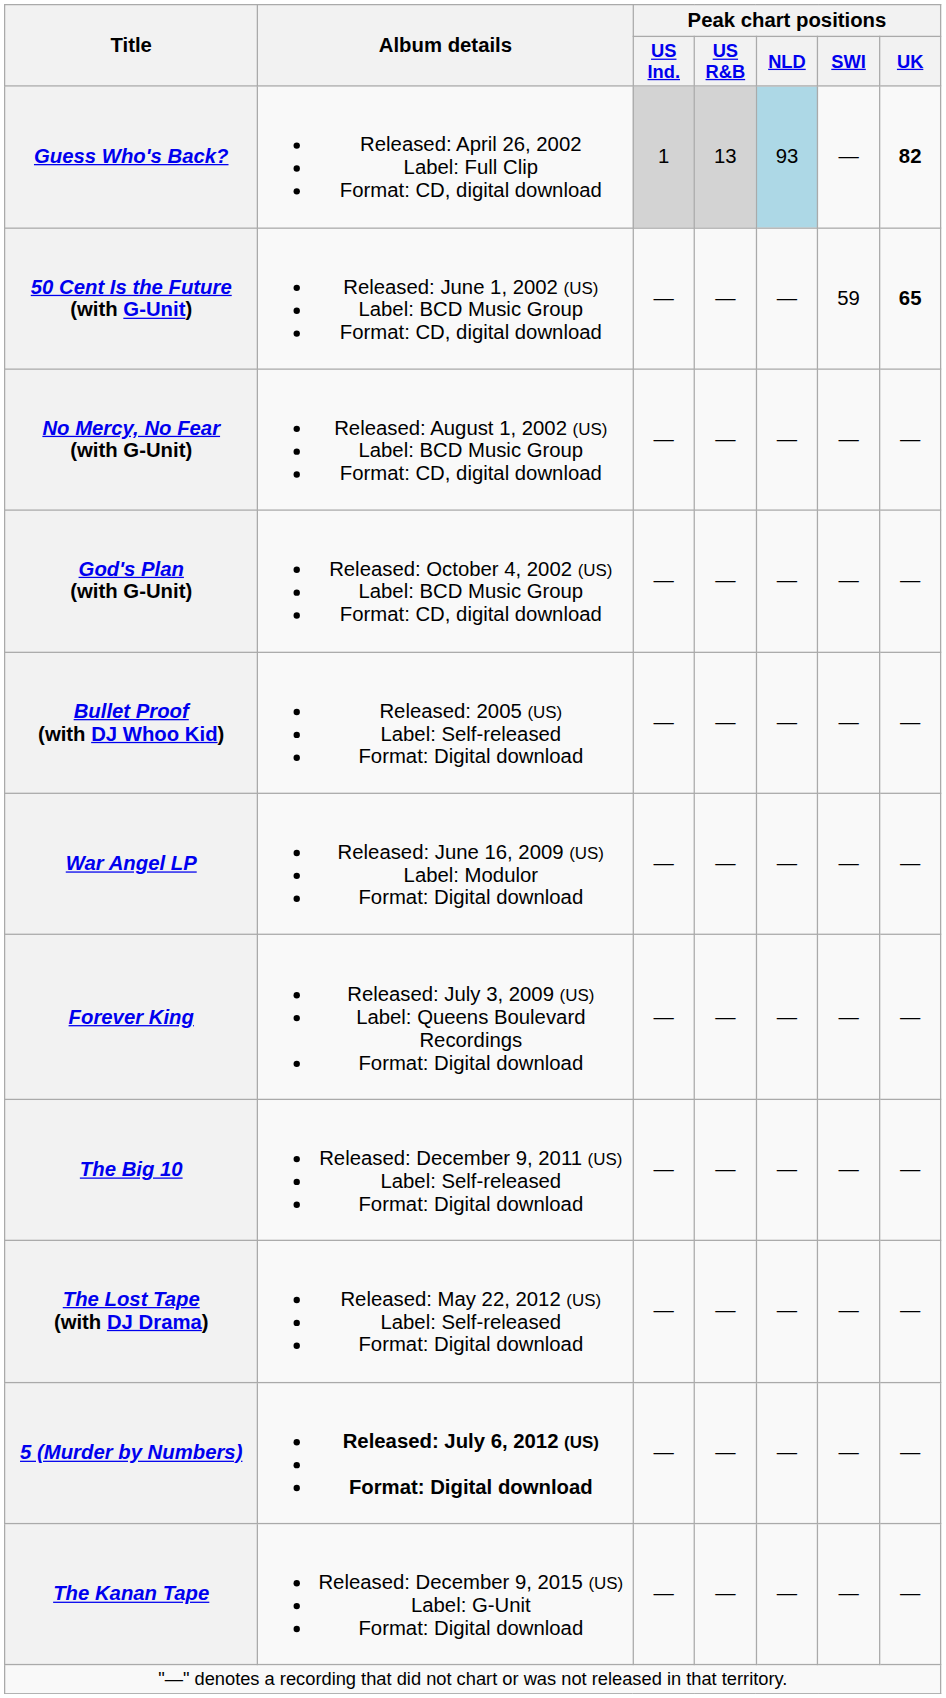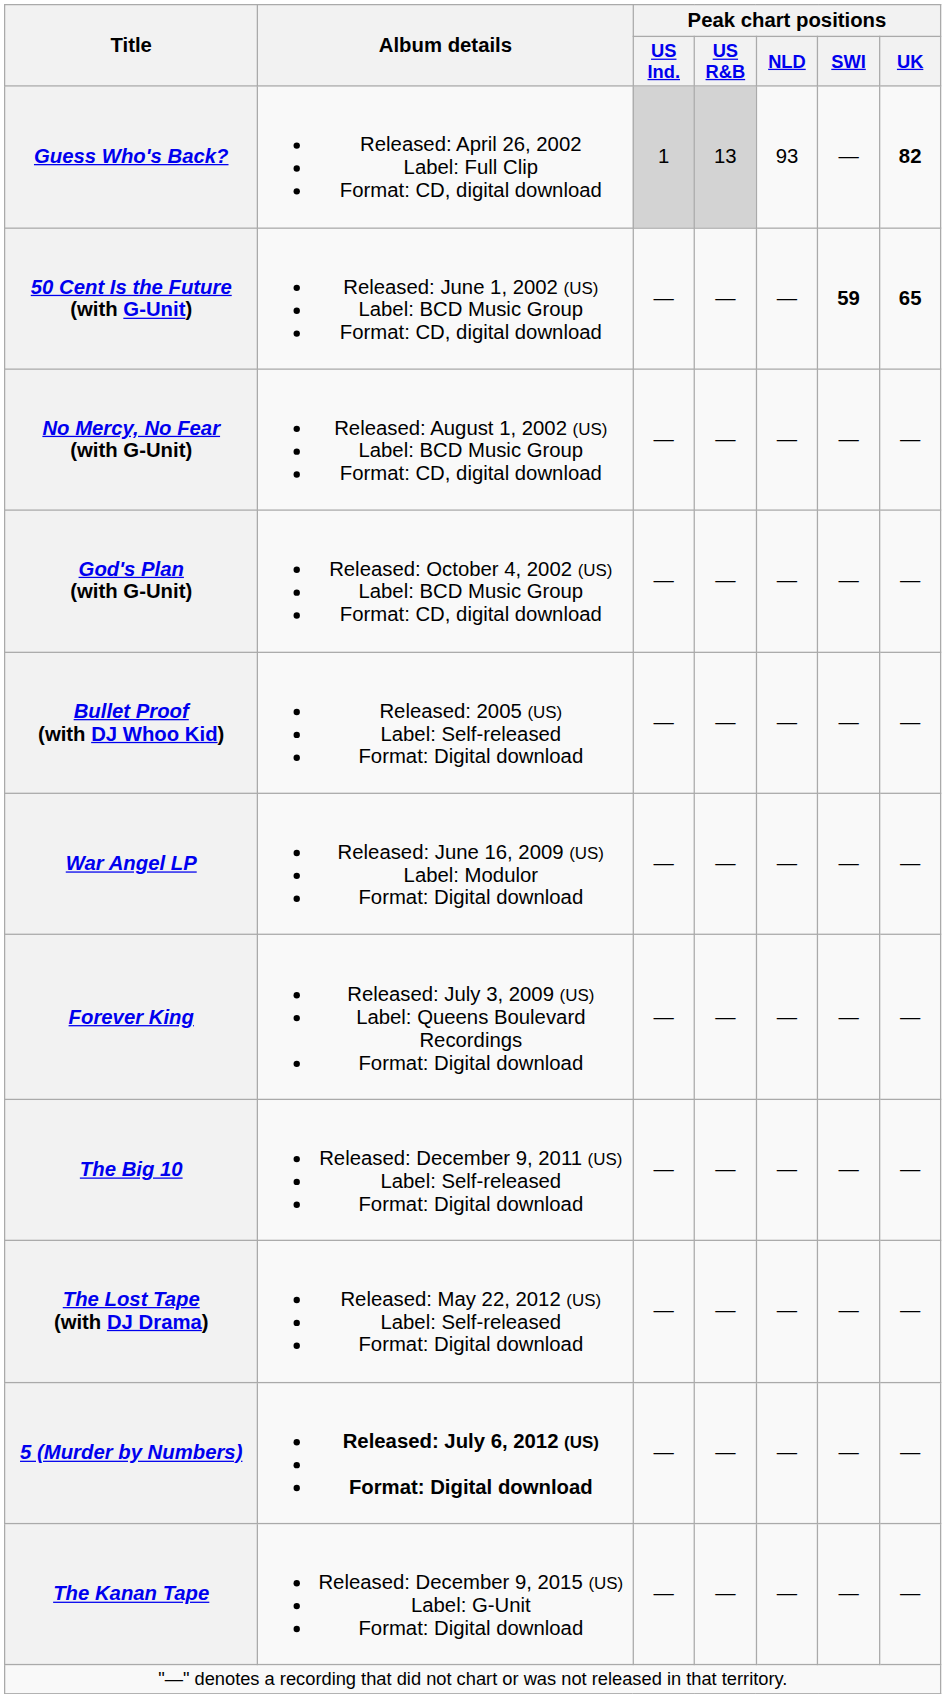 <table class="wikitable plainrowheaders" style="text-align:center;">
 <tr>
 <th scope="col" rowspan="2" style="width:12em;">Title</th>
 <th scope="col" rowspan="2" style="width:18em;">Album details</th>
 <th scope="col" colspan="5">Peak chart positions</th>
 </tr>
 <tr>
 <th scope="col" style="width:2.9em;font-size:90%;"><a href='#'>US<br>Ind.</a><br></th>
 <th scope="col" style="width:2.9em;font-size:90%;"><a href='#'>US<br>R&B</a><br></th>
 <th scope="col" style="width:2.9em;font-size:90%;"><a href='#'>NLD</a><br></th>
 <th scope="col" style="width:2.9em;font-size:90%;"><a href='#'>SWI</a><br></th>
 <th scope="col" style="width:2.9em;font-size:90%;"><a href='#'>UK</a><br></th>
 </tr>
 <tr>
 <th scope="row"><em><a href='#'>Guess Who's Back?</a></em></th>
 <td><br><ul><li>Released: April 26, 2002</li><li>Label: Full Clip</li><li>Format: CD, digital download</li></ul></td>
 <td style="background: lightgrey;">1</td>
 <td style="background: lightgrey;">13</td>
-<td style="background: lightblue;">93</td>
+<td>93</td>
 <td>—</td>
 <td><strong>82</strong></td>
 </tr>
 <tr>
 <th scope="row"><em><a href='#'>50 Cent Is the Future</a></em><br><span>(with <a href='#'>G-Unit</a>)</span></th>
 <td><br><ul><li>Released: June 1, 2002 <small>(US)</small></li><li>Label: BCD Music Group</li><li>Format: CD, digital download</li></ul></td>
 <td>—</td>
 <td>—</td>
 <td>—</td>
-<td>59</td>
+<td><strong>59</strong></td>
 <td><strong>65</strong></td>
 </tr>
 <tr>
 <th scope="row"><em><a href='#'>No Mercy, No Fear</a></em><br><span>(with G-Unit)</span></th>
 <td><br><ul><li>Released: August 1, 2002 <small>(US)</small></li><li>Label: BCD Music Group</li><li>Format: CD, digital download</li></ul></td>
 <td>—</td>
 <td>—</td>
 <td>—</td>
 <td>—</td>
 <td>—</td>
 </tr>
 <tr>
 <th scope="row"><em><a href='#'>God's Plan</a></em><br><span>(with G-Unit)</span></th>
 <td><br><ul><li>Released: October 4, 2002 <small>(US)</small></li><li>Label: BCD Music Group</li><li>Format: CD, digital download</li></ul></td>
 <td>—</td>
 <td>—</td>
 <td>—</td>
 <td>—</td>
 <td>—</td>
 </tr>
 <tr>
 <th scope="row"><em><a href='#'>Bullet Proof</a></em><br><span>(with <a href='#'>DJ Whoo Kid</a>)</span></th>
 <td><br><ul><li>Released: 2005 <small>(US)</small></li><li>Label: Self-released</li><li>Format: Digital download</li></ul></td>
 <td>—</td>
 <td>—</td>
 <td>—</td>
 <td>—</td>
 <td>—</td>
 </tr>
 <tr>
 <th scope="row"><em><a href='#'>War Angel LP</a></em></th>
 <td><br><ul><li>Released: June 16, 2009 <small>(US)</small></li><li>Label: Modulor</li><li>Format: Digital download</li></ul></td>
 <td>—</td>
 <td>—</td>
 <td>—</td>
 <td>—</td>
 <td>—</td>
 </tr>
 <tr>
 <th scope="row"><em><a href='#'>Forever King</a></em></th>
 <td><br><ul><li>Released: July 3, 2009 <small>(US)</small></li><li>Label: Queens Boulevard Recordings</li><li>Format: Digital download</li></ul></td>
 <td>—</td>
 <td>—</td>
 <td>—</td>
 <td>—</td>
 <td>—</td>
 </tr>
 <tr>
 <th scope="row"><em><a href='#'>The Big 10</a></em></th>
 <td><br><ul><li>Released: December 9, 2011 <small>(US)</small></li><li>Label: Self-released</li><li>Format: Digital download</li></ul></td>
 <td>—</td>
 <td>—</td>
 <td>—</td>
 <td>—</td>
 <td>—</td>
 </tr>
 <tr>
 <th scope="row"><em><a href='#'>The Lost Tape</a></em><br><span>(with <a href='#'>DJ Drama</a>)</span></th>
 <td><br><ul><li>Released: May 22, 2012 <small>(US)</small></li><li>Label: Self-released</li><li>Format: Digital download</li></ul></td>
 <td>—</td>
 <td>—</td>
 <td>—</td>
 <td>—</td>
 <td>—</td>
 </tr>
 <tr>
 <th scope="row"><em><a href='#'>5 (Murder by Numbers)</a></em></th>
 <td><strong><br><ul><li>Released: July 6, 2012 <small>(US)</small></li><li></li><li>Format: Digital download</li></ul></strong></td>
 <td>—</td>
 <td>—</td>
 <td>—</td>
 <td>—</td>
 <td>—</td>
 </tr>
 <tr>
 <th scope="row"><em><a href='#'>The Kanan Tape</a></em></th>
 <td><br><ul><li>Released: December 9, 2015 <small>(US)</small></li><li>Label: G-Unit</li><li>Format: Digital download</li></ul></td>
 <td>—</td>
 <td>—</td>
 <td>—</td>
 <td>—</td>
 <td>—</td>
 </tr>
 <tr>
 <td colspan="9" style="font-size:90%">"—" denotes a recording that did not chart or was not released in that territory.</td>
 </tr>
 </table>
